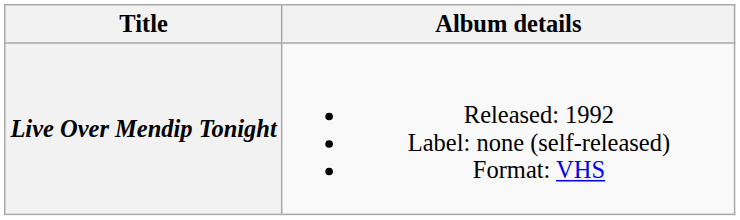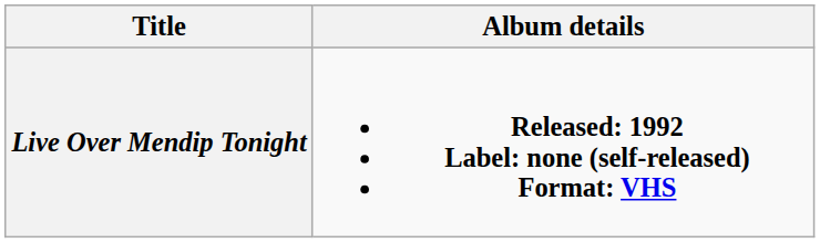 <table class="wikitable plainrowheaders" style="text-align:center;">
 <tr>
 <th scope="col">Title</th>
 <th scope="col" style="width:18em;">Album details</th>
 </tr>
 <tr>
 <th scope="row"><em>Live Over Mendip Tonight</em></th>
-<td><br><ul><li>Released: 1992</li><li>Label: none (self-released)</li><li>Format: <a href='#'>VHS</a></li></ul></td>
+<td><strong><br><ul><li>Released: 1992</li><li>Label: none (self-released)</li><li>Format: <a href='#'>VHS</a></li></ul></strong></td>
 </tr>
 </table>
